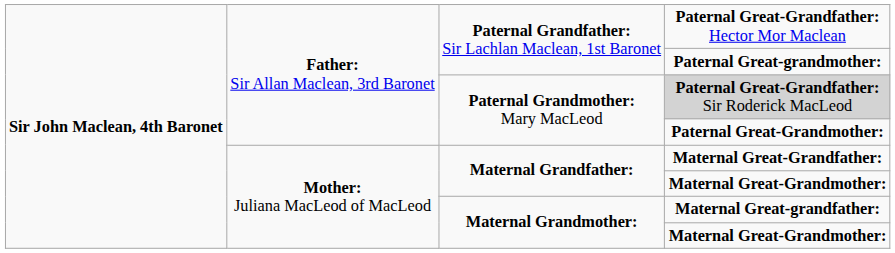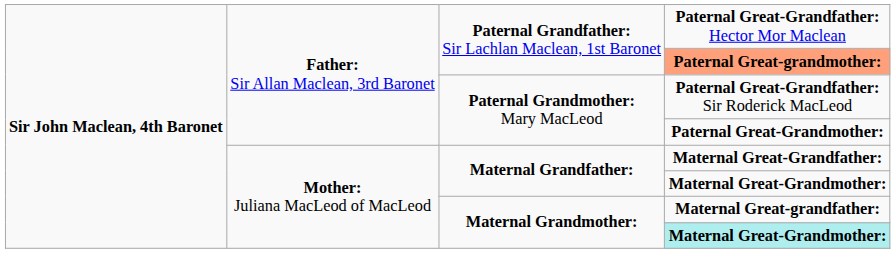 <table class="wikitable" style="margin:1em auto;">
 <tr style="text-align:center;">
 <td rowspan="8"><strong>Sir John Maclean, 4th Baronet</strong></td>
 <td rowspan="4"><strong>Father:</strong><br><a href='#'>Sir Allan Maclean, 3rd Baronet</a></td>
 <td rowspan="2"><strong>Paternal Grandfather:</strong><br><a href='#'>Sir Lachlan Maclean, 1st Baronet</a></td>
 <td><strong>Paternal Great-Grandfather:</strong><br><a href='#'>Hector Mor Maclean</a></td>
 </tr>
 <tr>
-<td style="text-align:center;"><strong>Paternal Great-grandmother:</strong><br></td>
+<td style="background: lightsalmon; text-align:center;"><strong>Paternal Great-grandmother:</strong><br></td>
 </tr>
 <tr style="text-align:center;">
 <td rowspan="2"><strong>Paternal Grandmother:</strong><br>Mary MacLeod</td>
-<td style="background: lightgrey;"><strong>Paternal Great-Grandfather:</strong><br>Sir Roderick MacLeod</td>
+<td><strong>Paternal Great-Grandfather:</strong><br>Sir Roderick MacLeod</td>
 </tr>
 <tr>
 <td style="text-align:center;"><strong>Paternal Great-Grandmother:</strong><br></td>
 </tr>
 <tr style="text-align:center;">
 <td rowspan="4"><strong>Mother:</strong><br>Juliana MacLeod of MacLeod</td>
 <td rowspan="2"><strong>Maternal Grandfather:</strong><br></td>
 <td><strong>Maternal Great-Grandfather:</strong><br></td>
 </tr>
 <tr>
 <td style="text-align:center;"><strong>Maternal Great-Grandmother:</strong><br></td>
 </tr>
 <tr style="text-align:center;">
 <td rowspan="2"><strong>Maternal Grandmother:</strong><br></td>
 <td><strong>Maternal Great-grandfather:</strong><br></td>
 </tr>
 <tr>
-<td style="text-align:center;"><strong>Maternal Great-Grandmother:</strong><br></td>
+<td style="background: paleturquoise; text-align:center;"><strong>Maternal Great-Grandmother:</strong><br></td>
 </tr>
 </table>
